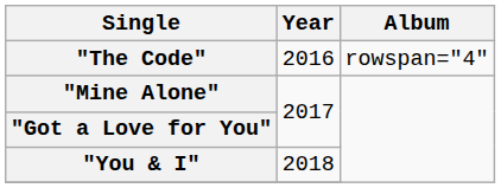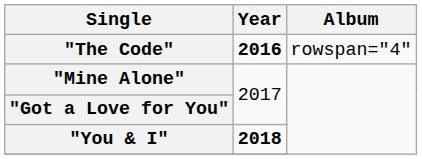 <table class="wikitable plainrowheaders" style="text-align:center;">
 <tr>
 <th scope="col" rowspan="1">Single</th>
 <th scope="col" rowspan="1">Year</th>
 <th scope="col" rowspan="1">Album</th>
 </tr>
 <tr>
 <th scope="row">"The Code"</th>
-<td rowspan="1">2016</td>
+<td rowspan="1"><strong>2016</strong></td>
 <td>rowspan="4" </td>
 </tr>
 <tr>
 <th scope="row">"Mine Alone"</th>
 <td rowspan="2">2017</td>
 </tr>
 <tr>
 <th scope="row">"Got a Love for You"</th>
 </tr>
 <tr>
 <th scope="row">"You & I"</th>
-<td rowspan="1">2018</td>
+<td rowspan="1"><strong>2018</strong></td>
 </tr>
 <tr>
 </tr>
 </table>
